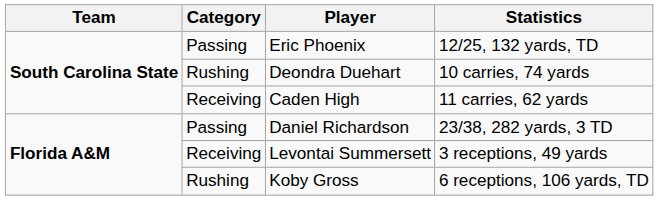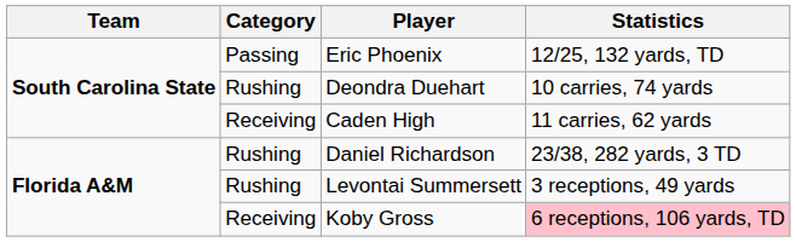 <table class="wikitable" style="float: right;">
 <tr>
 <th>Team</th>
 <th>Category</th>
 <th>Player</th>
 <th>Statistics</th>
 </tr>
 <tr>
 <td rowspan=3><strong>South Carolina State</strong></td>
 <td>Passing</td>
 <td>Eric Phoenix</td>
 <td>12/25, 132 yards, TD</td>
 </tr>
 <tr>
 <td>Rushing</td>
 <td>Deondra Duehart</td>
 <td>10 carries, 74 yards</td>
 </tr>
 <tr>
 <td>Receiving</td>
 <td>Caden High</td>
 <td>11 carries, 62 yards</td>
 </tr>
 <tr>
 <td rowspan=3><strong>Florida A&M</strong></td>
-<td>Passing</td>
+<td>Rushing</td>
 <td>Daniel Richardson</td>
 <td>23/38, 282 yards, 3 TD</td>
 </tr>
 <tr>
-<td>Receiving</td>
+<td>Rushing</td>
 <td>Levontai Summersett</td>
 <td>3 receptions, 49 yards</td>
 </tr>
 <tr>
-<td>Rushing</td>
+<td>Receiving</td>
 <td>Koby Gross</td>
-<td>6 receptions, 106 yards, TD</td>
+<td style="background: pink;">6 receptions, 106 yards, TD</td>
 </tr>
 </table>
